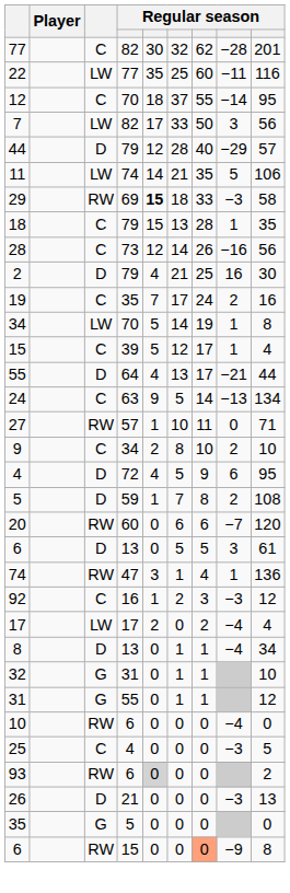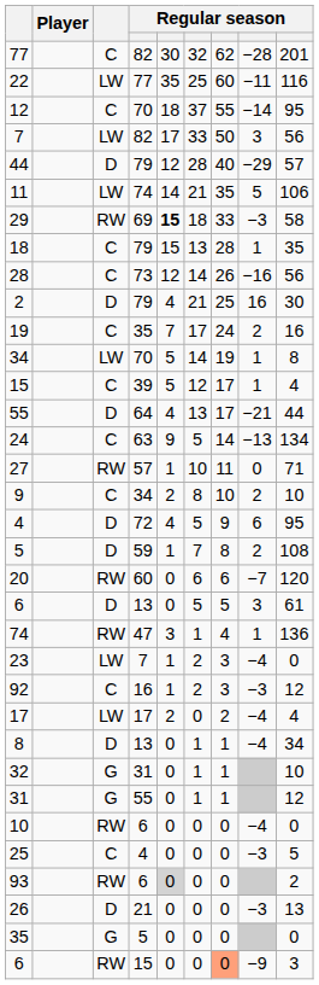 <table class="wikitable sortable plainrowheaders" style="text-align:center;">
 <tr>
 <th scope="col" data-sort-type="number" rowspan="2"></th>
 <th scope="col" rowspan="2">Player</th>
 <th scope="col" rowspan="2"></th>
 <th scope=colgroup colspan=6>Regular season</th>
 </tr>
 <tr>
 <th scope="col" data-sort-type="number"></th>
 <th scope="col" data-sort-type="number"></th>
 <th scope="col" data-sort-type="number"></th>
 <th scope="col" data-sort-type="number"></th>
 <th scope="col" data-sort-type="number"></th>
 <th scope="col" data-sort-type="number"></th>
 </tr>
 <tr>
 <td scope="row">77</td>
 <td align="left"></td>
 <td>C</td>
 <td>82</td>
 <td>30</td>
 <td>32</td>
 <td>62</td>
 <td>−28</td>
 <td>201</td>
 </tr>
 <tr>
 <td scope="row">22</td>
 <td align="left"></td>
 <td>LW</td>
 <td>77</td>
 <td>35</td>
 <td>25</td>
 <td>60</td>
 <td>−11</td>
 <td>116</td>
 </tr>
 <tr>
 <td scope="row">12</td>
 <td align="left"></td>
 <td>C</td>
 <td>70</td>
 <td>18</td>
 <td>37</td>
 <td>55</td>
 <td>−14</td>
 <td>95</td>
 </tr>
 <tr>
 <td scope="row">7</td>
 <td align="left"></td>
 <td>LW</td>
 <td>82</td>
 <td>17</td>
 <td>33</td>
 <td>50</td>
 <td>3</td>
 <td>56</td>
 </tr>
 <tr>
 <td scope="row">44</td>
 <td align="left"></td>
 <td>D</td>
 <td>79</td>
 <td>12</td>
 <td>28</td>
 <td>40</td>
 <td>−29</td>
 <td>57</td>
 </tr>
 <tr>
 <td scope="row">11</td>
 <td align="left"></td>
 <td>LW</td>
 <td>74</td>
 <td>14</td>
 <td>21</td>
 <td>35</td>
 <td>5</td>
 <td>106</td>
 </tr>
 <tr>
 <td scope="row">29</td>
 <td align="left"></td>
 <td>RW</td>
 <td>69</td>
 <td><strong>15</strong></td>
 <td>18</td>
 <td>33</td>
 <td>−3</td>
 <td>58</td>
 </tr>
 <tr>
 <td scope="row">18</td>
 <td align="left"></td>
 <td>C</td>
 <td>79</td>
 <td>15</td>
 <td>13</td>
 <td>28</td>
 <td>1</td>
 <td>35</td>
 </tr>
 <tr>
 <td scope="row">28</td>
 <td align="left"></td>
 <td>C</td>
 <td>73</td>
 <td>12</td>
 <td>14</td>
 <td>26</td>
 <td>−16</td>
 <td>56</td>
 </tr>
 <tr>
 <td scope="row">2</td>
 <td align="left"></td>
 <td>D</td>
 <td>79</td>
 <td>4</td>
 <td>21</td>
 <td>25</td>
 <td>16</td>
 <td>30</td>
 </tr>
 <tr>
 <td scope="row">19</td>
 <td align="left"></td>
 <td>C</td>
 <td>35</td>
 <td>7</td>
 <td>17</td>
 <td>24</td>
 <td>2</td>
 <td>16</td>
 </tr>
 <tr>
 <td scope="row">34</td>
 <td align="left"></td>
 <td>LW</td>
 <td>70</td>
 <td>5</td>
 <td>14</td>
 <td>19</td>
 <td>1</td>
 <td>8</td>
 </tr>
 <tr>
 <td scope="row">15</td>
 <td align="left"></td>
 <td>C</td>
 <td>39</td>
 <td>5</td>
 <td>12</td>
 <td>17</td>
 <td>1</td>
 <td>4</td>
 </tr>
 <tr>
 <td scope="row">55</td>
 <td align="left"></td>
 <td>D</td>
 <td>64</td>
 <td>4</td>
 <td>13</td>
 <td>17</td>
 <td>−21</td>
 <td>44</td>
 </tr>
 <tr>
 <td scope="row">24</td>
 <td align="left"></td>
 <td>C</td>
 <td>63</td>
 <td>9</td>
 <td>5</td>
 <td>14</td>
 <td>−13</td>
 <td>134</td>
 </tr>
 <tr>
 <td scope="row">27</td>
 <td align="left"></td>
 <td>RW</td>
 <td>57</td>
 <td>1</td>
 <td>10</td>
 <td>11</td>
 <td>0</td>
 <td>71</td>
 </tr>
 <tr>
 <td scope="row">9</td>
 <td align="left"></td>
 <td>C</td>
 <td>34</td>
 <td>2</td>
 <td>8</td>
 <td>10</td>
 <td>2</td>
 <td>10</td>
 </tr>
 <tr>
 <td scope="row">4</td>
 <td align="left"></td>
 <td>D</td>
 <td>72</td>
 <td>4</td>
 <td>5</td>
 <td>9</td>
 <td>6</td>
 <td>95</td>
 </tr>
 <tr>
 <td scope="row">5</td>
 <td align="left"></td>
 <td>D</td>
 <td>59</td>
 <td>1</td>
 <td>7</td>
 <td>8</td>
 <td>2</td>
 <td>108</td>
 </tr>
 <tr>
 <td scope="row">20</td>
 <td align="left"></td>
 <td>RW</td>
 <td>60</td>
 <td>0</td>
 <td>6</td>
 <td>6</td>
 <td>−7</td>
 <td>120</td>
 </tr>
 <tr>
 <td scope="row">6</td>
 <td align="left"></td>
 <td>D</td>
 <td>13</td>
 <td>0</td>
 <td>5</td>
 <td>5</td>
 <td>3</td>
 <td>61</td>
 </tr>
 <tr>
 <td scope="row">74</td>
 <td align="left"></td>
 <td>RW</td>
 <td>47</td>
 <td>3</td>
 <td>1</td>
 <td>4</td>
 <td>1</td>
 <td>136</td>
 </tr>
 <tr>
+<td scope="row">23</td>
+<td align="left"></td>
+<td>LW</td>
+<td>7</td>
+<td>1</td>
+<td>2</td>
+<td>3</td>
+<td>−4</td>
+<td>0</td>
+</tr>
+<tr>
 <td scope="row">92</td>
 <td align="left"></td>
 <td>C</td>
 <td>16</td>
 <td>1</td>
 <td>2</td>
 <td>3</td>
 <td>−3</td>
 <td>12</td>
 </tr>
 <tr>
 <td scope="row">17</td>
 <td align="left"></td>
 <td>LW</td>
 <td>17</td>
 <td>2</td>
 <td>0</td>
 <td>2</td>
 <td>−4</td>
 <td>4</td>
 </tr>
 <tr>
 <td scope="row">8</td>
 <td align="left"></td>
 <td>D</td>
 <td>13</td>
 <td>0</td>
 <td>1</td>
 <td>1</td>
 <td>−4</td>
 <td>34</td>
 </tr>
 <tr>
 <td scope="row">32</td>
 <td align="left"></td>
 <td>G</td>
 <td>31</td>
 <td>0</td>
 <td>1</td>
 <td>1</td>
 <td style="background:#ccc"></td>
 <td>10</td>
 </tr>
 <tr>
 <td scope="row">31</td>
 <td align="left"></td>
 <td>G</td>
 <td>55</td>
 <td>0</td>
 <td>1</td>
 <td>1</td>
 <td style="background:#ccc"></td>
 <td>12</td>
 </tr>
 <tr>
 <td scope="row">10</td>
 <td align="left"></td>
 <td>RW</td>
 <td>6</td>
 <td>0</td>
 <td>0</td>
 <td>0</td>
 <td>−4</td>
 <td>0</td>
 </tr>
 <tr>
 <td scope="row">25</td>
 <td align="left"></td>
 <td>C</td>
 <td>4</td>
 <td>0</td>
 <td>0</td>
 <td>0</td>
 <td>−3</td>
 <td>5</td>
 </tr>
 <tr>
 <td scope="row">93</td>
 <td align="left"></td>
 <td>RW</td>
 <td>6</td>
 <td style="background: lightgrey;">0</td>
 <td>0</td>
 <td>0</td>
 <td style="background:#ccc"></td>
 <td>2</td>
 </tr>
 <tr>
 <td scope="row">26</td>
 <td align="left"></td>
 <td>D</td>
 <td>21</td>
 <td>0</td>
 <td>0</td>
 <td>0</td>
 <td>−3</td>
 <td>13</td>
 </tr>
 <tr>
 <td scope="row">35</td>
 <td align="left"></td>
 <td>G</td>
 <td>5</td>
 <td>0</td>
 <td>0</td>
 <td>0</td>
 <td style="background:#ccc"></td>
 <td>0</td>
 </tr>
 <tr>
 <td scope="row">6</td>
 <td align="left"></td>
 <td>RW</td>
 <td>15</td>
 <td>0</td>
 <td>0</td>
 <td style="background: lightsalmon;">0</td>
 <td>−9</td>
-<td>8</td>
+<td>3</td>
 </tr>
 </table>
